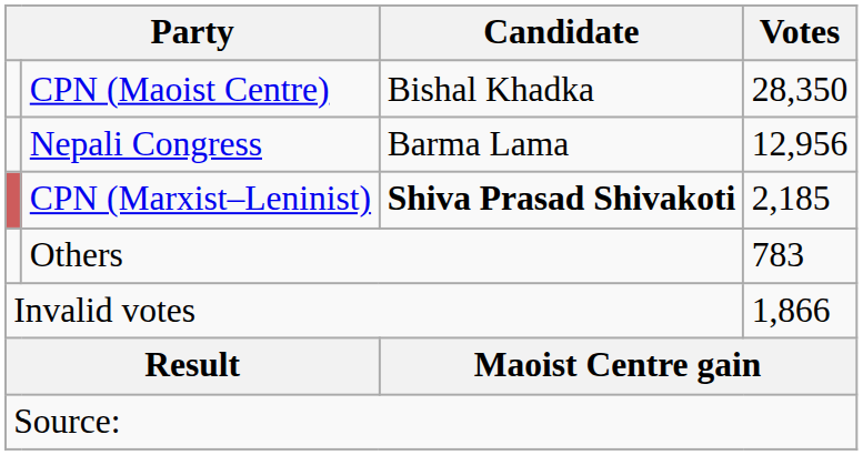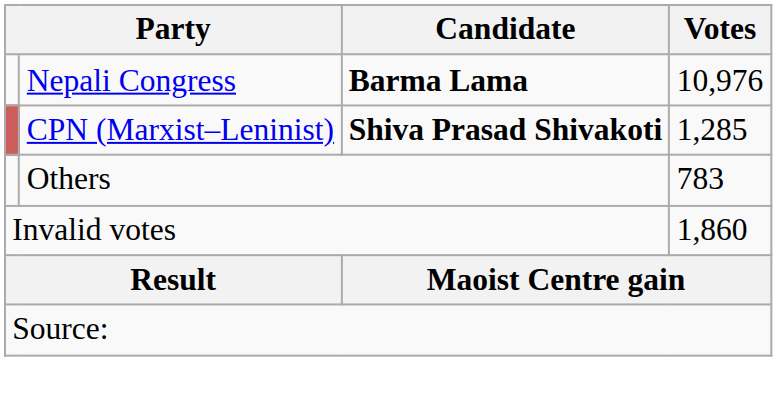 <table class="wikitable">
 <tr>
 <th colspan="2">Party</th>
 <th>Candidate</th>
 <th>Votes</th>
 </tr>
 <tr>
 <td style="background-color:"></td>
-<td><a href='#'>CPN (Maoist Centre)</a></td>
-<td>Bishal Khadka</td>
-<td>28,350</td>
-</tr>
-<tr>
-<td style="background-color:"></td>
 <td><a href='#'>Nepali Congress</a></td>
-<td>Barma Lama</td>
-<td>12,956</td>
+<td><strong>Barma Lama</strong></td>
+<td>10,976</td>
 </tr>
 <tr>
 <td style="background-color:indianred"></td>
 <td><a href='#'>CPN (Marxist–Leninist)</a></td>
 <td><strong>Shiva Prasad Shivakoti</strong></td>
-<td>2,185</td>
+<td>1,285</td>
 </tr>
 <tr>
 <td></td>
 <td colspan="2">Others</td>
 <td>783</td>
 </tr>
 <tr>
 <td colspan="3">Invalid votes</td>
-<td>1,866</td>
+<td>1,860</td>
 </tr>
 <tr>
 <th colspan="2">Result</th>
 <th colspan="2">Maoist Centre gain</th>
 </tr>
 <tr>
 <td colspan="4">Source: </td>
 </tr>
 </table>
